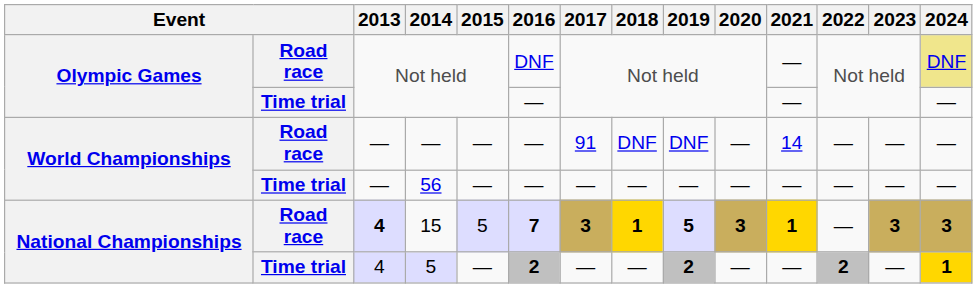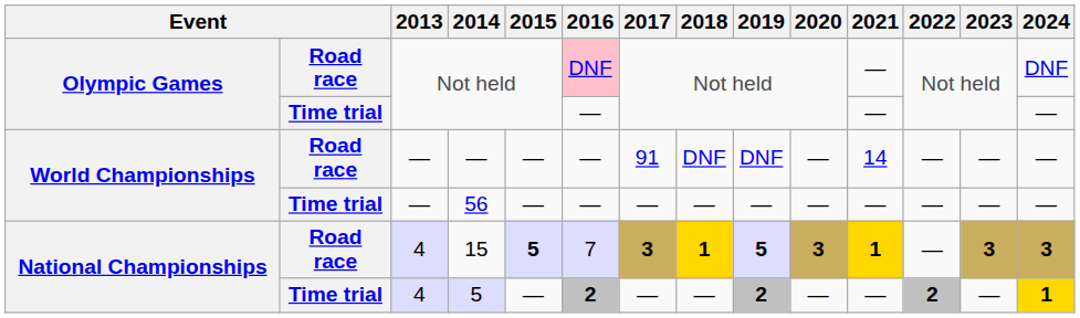 <table class="wikitable plainrowheaders">
 <tr>
 <th colspan="2" scope="col">Event</th>
 <th scope="col">2013</th>
 <th scope="col">2014</th>
 <th scope="col">2015</th>
 <th scope="col">2016</th>
 <th scope="col">2017</th>
 <th scope="col">2018</th>
 <th scope="col">2019</th>
 <th scope="col">2020</th>
 <th scope="col">2021</th>
 <th scope="col">2022</th>
 <th scope="col">2023</th>
 <th scope="col">2024</th>
 </tr>
 <tr style="text-align:center;">
 <th rowspan="2" scope="row" width=200> <a href='#'>Olympic Games</a></th>
 <th scope="row" width=76><a href='#'>Road race</a></th>
 <td style="color:#4d4d4d;" rowspan=2 colspan=3>Not held</td>
-<td><a href='#'>DNF</a></td>
+<td style="background: pink;"><a href='#'>DNF</a></td>
 <td style="color:#4d4d4d;" rowspan=2 colspan=4>Not held</td>
 <td>—</td>
 <td style="color:#4d4d4d;" rowspan=2 colspan=2>Not held</td>
-<td style="background: khaki;"><a href='#'>DNF</a></td>
+<td><a href='#'>DNF</a></td>
 </tr>
 <tr style="text-align:center;">
 <th scope="row"><a href='#'>Time trial</a></th>
 <td>—</td>
 <td>—</td>
 <td>—</td>
 </tr>
 <tr style="text-align:center;">
 <th rowspan="2" scope="row"> <a href='#'>World Championships</a></th>
 <th scope="row"><a href='#'>Road race</a></th>
 <td>—</td>
 <td>—</td>
 <td>—</td>
 <td>—</td>
 <td><a href='#'>91</a></td>
 <td><a href='#'>DNF</a></td>
 <td><a href='#'>DNF</a></td>
 <td>—</td>
 <td><a href='#'>14</a></td>
 <td>—</td>
 <td>—</td>
 <td>—</td>
 </tr>
 <tr style="text-align:center;">
 <th scope="row"><a href='#'>Time trial</a></th>
 <td>—</td>
 <td><a href='#'>56</a></td>
 <td>—</td>
 <td>—</td>
 <td>—</td>
 <td>—</td>
 <td>—</td>
 <td>—</td>
 <td>—</td>
 <td>—</td>
 <td>—</td>
 <td>—</td>
 </tr>
 <tr style="text-align:center;">
 <th rowspan="2" scope="row"> <a href='#'>National Championships</a></th>
 <th scope="row"><a href='#'>Road race</a></th>
-<td style="background:#ddf;"><strong>4</strong></td>
+<td style="background:#ddf;">4</td>
 <td>15</td>
-<td style="background:#ddf;">5</td>
-<td style="background:#ddf;"><strong>7</strong></td>
+<td style="background:#ddf;"><strong>5</strong></td>
+<td style="background:#ddf;">7</td>
 <td style="background:#C9AE5D;"><strong>3</strong></td>
 <td style="background:gold;"><strong>1</strong></td>
 <td style="background:#ddf;"><strong>5</strong></td>
 <td style="background:#C9AE5D;"><strong>3</strong></td>
 <td style="background:gold;"><strong>1</strong></td>
 <td>—</td>
 <td style="background:#C9AE5D;"><strong>3</strong></td>
 <td style="background:#C9AE5D;"><strong>3</strong></td>
 </tr>
 <tr style="text-align:center;">
 <th scope="row"><a href='#'>Time trial</a></th>
 <td style="background:#ddf;">4</td>
 <td style="background:#ddf;">5</td>
 <td>—</td>
 <td style="background:silver;"><strong>2</strong></td>
 <td>—</td>
 <td>—</td>
 <td style="background:silver;"><strong>2</strong></td>
 <td>—</td>
 <td>—</td>
 <td style="background:silver;"><strong>2</strong></td>
 <td>—</td>
 <td style="background:gold;"><strong>1</strong></td>
 </tr>
 </table>
